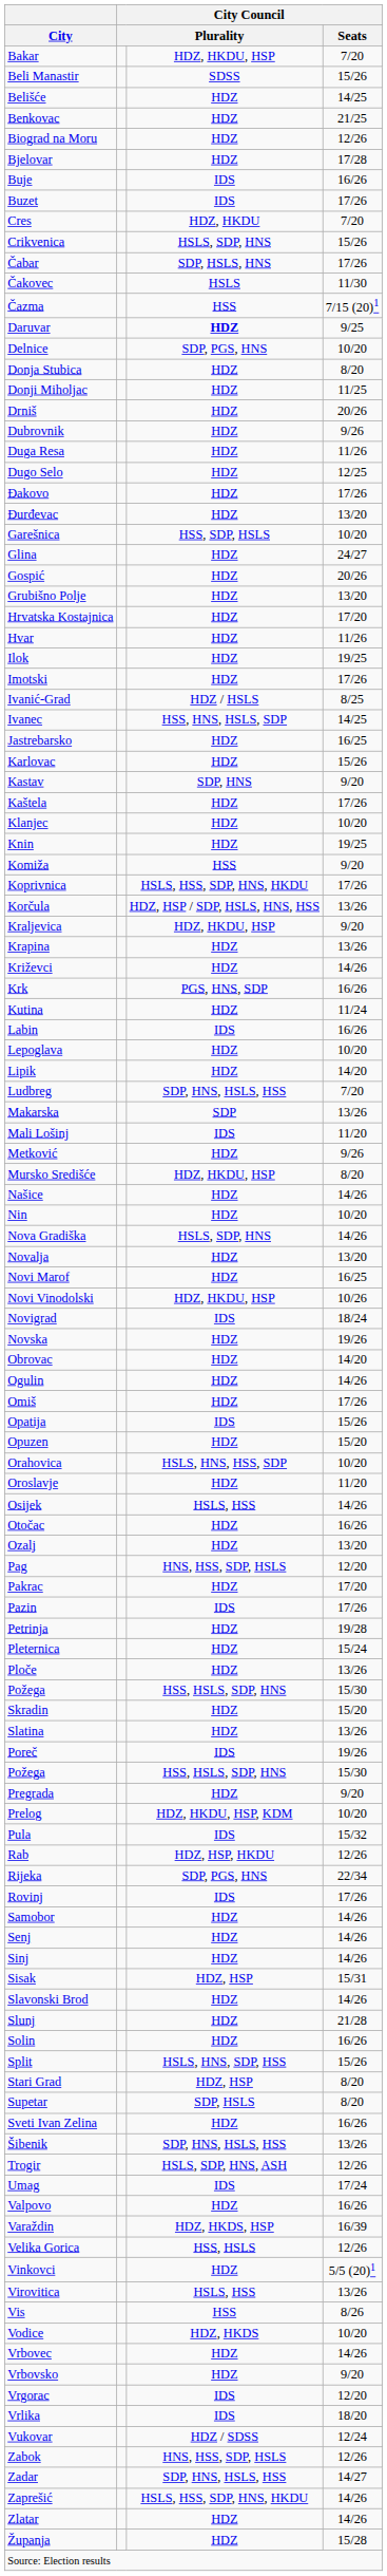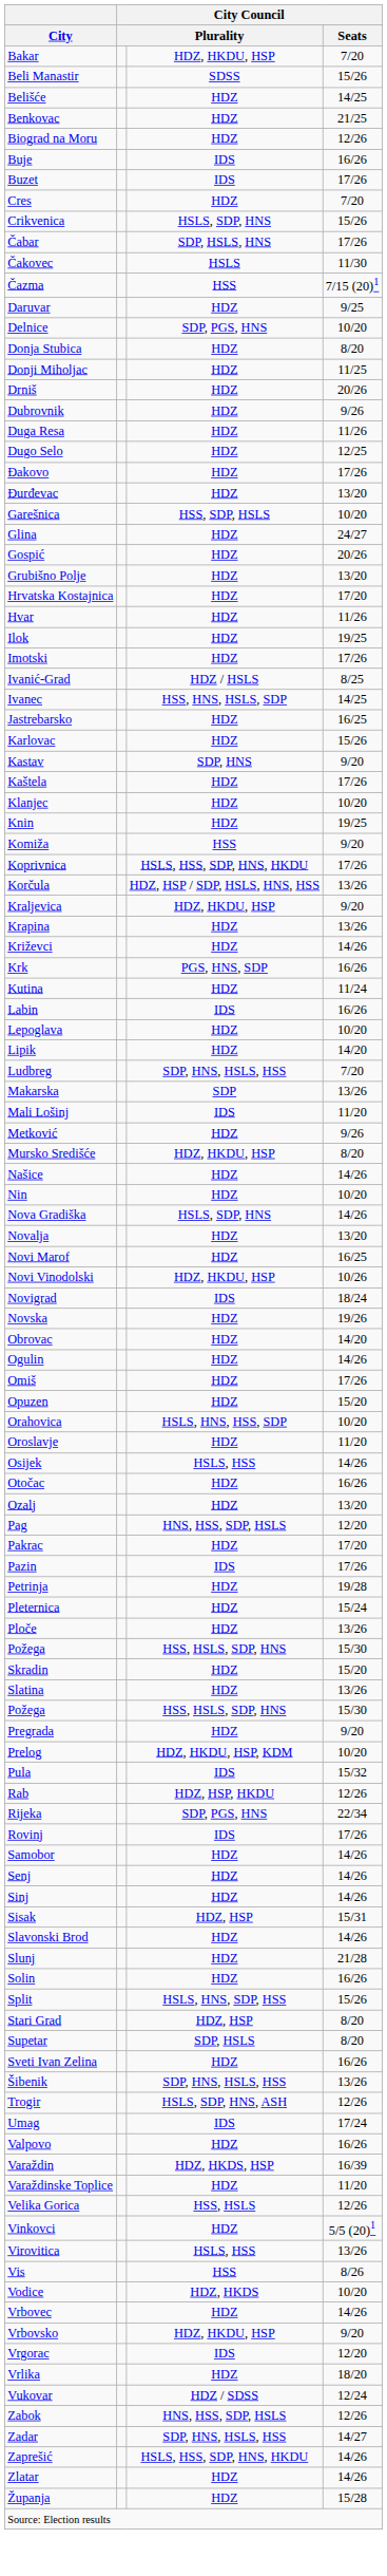 <table class="wikitable sortable">
 <tr>
 <th></th>
 <th class="unsortable" colspan=3>City Council</th>
 </tr>
 <tr>
 <th><a href='#'>City</a></th>
 <th colspan=2>Plurality</th>
 <th>Seats</th>
 </tr>
 <tr>
 <td><a href='#'>Bakar</a></td>
 <td width="5px" style="background-color:"></td>
 <td align="center"><a href='#'>HDZ</a>, <a href='#'>HKDU</a>, <a href='#'>HSP</a></td>
 <td align="center">7/20</td>
 </tr>
 <tr>
 <td><a href='#'>Beli Manastir</a></td>
 <td width="5px" style="background-color:"></td>
 <td align="center"><a href='#'>SDSS</a></td>
 <td align="center">15/26</td>
 </tr>
 <tr>
 <td><a href='#'>Belišće</a></td>
 <td width="5px" style="background-color:"></td>
 <td align="center"><a href='#'>HDZ</a></td>
 <td align="center">14/25</td>
 </tr>
 <tr>
 <td><a href='#'>Benkovac</a></td>
 <td width="5px" style="background-color:"></td>
 <td align="center"><a href='#'>HDZ</a></td>
 <td align="center">21/25</td>
 </tr>
 <tr>
 <td><a href='#'>Biograd na Moru</a></td>
 <td width="5px" style="background-color:"></td>
 <td align="center"><a href='#'>HDZ</a></td>
 <td align="center">12/26</td>
 </tr>
 <tr>
-<td><a href='#'>Bjelovar</a></td>
-<td width="5px" style="background-color:"></td>
-<td align="center"><a href='#'>HDZ</a></td>
-<td align="center">17/28</td>
-</tr>
-<tr>
 <td><a href='#'>Buje</a></td>
 <td width="5px" style="background-color:"></td>
 <td align="center"><a href='#'>IDS</a></td>
 <td align="center">16/26</td>
 </tr>
 <tr>
 <td><a href='#'>Buzet</a></td>
 <td width="5px" style="background-color:"></td>
 <td align="center"><a href='#'>IDS</a></td>
 <td align="center">17/26</td>
 </tr>
 <tr>
 <td><a href='#'>Cres</a></td>
 <td width="5px" style="background-color:"></td>
-<td align="center"><a href='#'>HDZ</a>, <a href='#'>HKDU</a></td>
+<td align="center"><a href='#'>HDZ</a></td>
 <td align="center">7/20</td>
 </tr>
 <tr>
 <td><a href='#'>Crikvenica</a></td>
 <td width="5px" style="background-color:"></td>
 <td align="center"><a href='#'>HSLS</a>, <a href='#'>SDP</a>, <a href='#'>HNS</a></td>
 <td align="center">15/26</td>
 </tr>
 <tr>
 <td><a href='#'>Čabar</a></td>
 <td width="5px" style="background-color:"></td>
 <td align="center"><a href='#'>SDP</a>, <a href='#'>HSLS</a>, <a href='#'>HNS</a></td>
 <td align="center">17/26</td>
 </tr>
 <tr>
 <td><a href='#'>Čakovec</a></td>
 <td width="5px" style="background-color:"></td>
 <td align="center"><a href='#'>HSLS</a></td>
 <td align="center">11/30</td>
 </tr>
 <tr>
 <td><a href='#'>Čazma</a></td>
 <td width="5px" style="background-color:"></td>
 <td align="center"><a href='#'>HSS</a></td>
 <td align="center">7/15 (20)<a href='#'><sup>1</sup></a></td>
 </tr>
 <tr>
 <td><a href='#'>Daruvar</a></td>
 <td width="5px" style="background-color:"></td>
-<td align="center"><strong><a href='#'>HDZ</a></strong></td>
+<td align="center"><a href='#'>HDZ</a></td>
 <td align="center">9/25</td>
 </tr>
 <tr>
 <td><a href='#'>Delnice</a></td>
 <td width="5px" style="background-color:"></td>
 <td align="center"><a href='#'>SDP</a>, <a href='#'>PGS</a>, <a href='#'>HNS</a></td>
 <td align="center">10/20</td>
 </tr>
 <tr>
 <td><a href='#'>Donja Stubica</a></td>
 <td width="5px" style="background-color:"></td>
 <td align="center"><a href='#'>HDZ</a></td>
 <td align="center">8/20</td>
 </tr>
 <tr>
 <td><a href='#'>Donji Miholjac</a></td>
 <td width="5px" style="background-color:"></td>
 <td align="center"><a href='#'>HDZ</a></td>
 <td align="center">11/25</td>
 </tr>
 <tr>
 <td><a href='#'>Drniš</a></td>
 <td width="5px" style="background-color:"></td>
 <td align="center"><a href='#'>HDZ</a></td>
 <td align="center">20/26</td>
 </tr>
 <tr>
 <td><a href='#'>Dubrovnik</a></td>
 <td width="5px" style="background-color:"></td>
 <td align="center"><a href='#'>HDZ</a></td>
 <td align="center">9/26</td>
 </tr>
 <tr>
 <td><a href='#'>Duga Resa</a></td>
 <td width="5px" style="background-color:"></td>
 <td align="center"><a href='#'>HDZ</a></td>
 <td align="center">11/26</td>
 </tr>
 <tr>
 <td><a href='#'>Dugo Selo</a></td>
 <td width="5px" style="background-color:"></td>
 <td align="center"><a href='#'>HDZ</a></td>
 <td align="center">12/25</td>
 </tr>
 <tr>
 <td><a href='#'>Đakovo</a></td>
 <td width="5px" style="background-color:"></td>
 <td align="center"><a href='#'>HDZ</a></td>
 <td align="center">17/26</td>
 </tr>
 <tr>
 <td><a href='#'>Đurđevac</a></td>
 <td width="5px" style="background-color:"></td>
 <td align="center"><a href='#'>HDZ</a></td>
 <td align="center">13/20</td>
 </tr>
 <tr>
 <td><a href='#'>Garešnica</a></td>
 <td width="5px" style="background-color:"></td>
 <td align="center"><a href='#'>HSS</a>, <a href='#'>SDP</a>, <a href='#'>HSLS</a></td>
 <td align="center">10/20</td>
 </tr>
 <tr>
 <td><a href='#'>Glina</a></td>
 <td width="5px" style="background-color:"></td>
 <td align="center"><a href='#'>HDZ</a></td>
 <td align="center">24/27</td>
 </tr>
 <tr>
 <td><a href='#'>Gospić</a></td>
 <td width="5px" style="background-color:"></td>
 <td align="center"><a href='#'>HDZ</a></td>
 <td align="center">20/26</td>
 </tr>
 <tr>
 <td><a href='#'>Grubišno Polje</a></td>
 <td width="5px" style="background-color:"></td>
 <td align="center"><a href='#'>HDZ</a></td>
 <td align="center">13/20</td>
 </tr>
 <tr>
 <td><a href='#'>Hrvatska Kostajnica</a></td>
 <td width="5px" style="background-color:"></td>
 <td align="center"><a href='#'>HDZ</a></td>
 <td align="center">17/20</td>
 </tr>
 <tr>
 <td><a href='#'>Hvar</a></td>
 <td width="5px" style="background-color:"></td>
 <td align="center"><a href='#'>HDZ</a></td>
 <td align="center">11/26</td>
 </tr>
 <tr>
 <td><a href='#'>Ilok</a></td>
 <td width="5px" style="background-color:"></td>
 <td align="center"><a href='#'>HDZ</a></td>
 <td align="center">19/25</td>
 </tr>
 <tr>
 <td><a href='#'>Imotski</a></td>
 <td width="5px" style="background-color:"></td>
 <td align="center"><a href='#'>HDZ</a></td>
 <td align="center">17/26</td>
 </tr>
 <tr>
 <td><a href='#'>Ivanić-Grad</a></td>
 <td width="5px" style="background-color:"></td>
 <td align="center"><a href='#'>HDZ</a> / <a href='#'>HSLS</a></td>
 <td align="center">8/25</td>
 </tr>
 <tr>
 <td><a href='#'>Ivanec</a></td>
 <td width="5px" style="background-color:"></td>
 <td align="center"><a href='#'>HSS</a>, <a href='#'>HNS</a>, <a href='#'>HSLS</a>, <a href='#'>SDP</a></td>
 <td align="center">14/25</td>
 </tr>
 <tr>
 <td><a href='#'>Jastrebarsko</a></td>
 <td width="5px" style="background-color:"></td>
 <td align="center"><a href='#'>HDZ</a></td>
 <td align="center">16/25</td>
 </tr>
 <tr>
 <td><a href='#'>Karlovac</a></td>
 <td width="5px" style="background-color:"></td>
 <td align="center"><a href='#'>HDZ</a></td>
 <td align="center">15/26</td>
 </tr>
 <tr>
 <td><a href='#'>Kastav</a></td>
 <td width="5px" style="background-color:"></td>
 <td align="center"><a href='#'>SDP</a>, <a href='#'>HNS</a></td>
 <td align="center">9/20</td>
 </tr>
 <tr>
 <td><a href='#'>Kaštela</a></td>
 <td width="5px" style="background-color:"></td>
 <td align="center"><a href='#'>HDZ</a></td>
 <td align="center">17/26</td>
 </tr>
 <tr>
 <td><a href='#'>Klanjec</a></td>
 <td width="5px" style="background-color:"></td>
 <td align="center"><a href='#'>HDZ</a></td>
 <td align="center">10/20</td>
 </tr>
 <tr>
 <td><a href='#'>Knin</a></td>
 <td width="5px" style="background-color:"></td>
 <td align="center"><a href='#'>HDZ</a></td>
 <td align="center">19/25</td>
 </tr>
 <tr>
 <td><a href='#'>Komiža</a></td>
 <td width="5px" style="background-color:"></td>
 <td align="center"><a href='#'>HSS</a></td>
 <td align="center">9/20</td>
 </tr>
 <tr>
 <td><a href='#'>Koprivnica</a></td>
 <td width="5px" style="background-color:"></td>
 <td align="center"><a href='#'>HSLS</a>, <a href='#'>HSS</a>, <a href='#'>SDP</a>, <a href='#'>HNS</a>, <a href='#'>HKDU</a></td>
 <td align="center">17/26</td>
 </tr>
 <tr>
 <td><a href='#'>Korčula</a></td>
 <td width="5px" style="background-color:"></td>
 <td align="center"><a href='#'>HDZ</a>, <a href='#'>HSP</a> / <a href='#'>SDP</a>, <a href='#'>HSLS</a>, <a href='#'>HNS</a>, <a href='#'>HSS</a></td>
 <td align="center">13/26</td>
 </tr>
 <tr>
 <td><a href='#'>Kraljevica</a></td>
 <td width="5px" style="background-color:"></td>
 <td align="center"><a href='#'>HDZ</a>, <a href='#'>HKDU</a>, <a href='#'>HSP</a></td>
 <td align="center">9/20</td>
 </tr>
 <tr>
 <td><a href='#'>Krapina</a></td>
 <td width="5px" style="background-color:"></td>
 <td align="center"><a href='#'>HDZ</a></td>
 <td align="center">13/26</td>
 </tr>
 <tr>
 <td><a href='#'>Križevci</a></td>
 <td width="5px" style="background-color:"></td>
 <td align="center"><a href='#'>HDZ</a></td>
 <td align="center">14/26</td>
 </tr>
 <tr>
 <td><a href='#'>Krk</a></td>
 <td width="5px" style="background-color:"></td>
 <td align="center"><a href='#'>PGS</a>, <a href='#'>HNS</a>, <a href='#'>SDP</a></td>
 <td align="center">16/26</td>
 </tr>
 <tr>
 <td><a href='#'>Kutina</a></td>
 <td width="5px" style="background-color:"></td>
 <td align="center"><a href='#'>HDZ</a></td>
 <td align="center">11/24</td>
 </tr>
 <tr>
 <td><a href='#'>Labin</a></td>
 <td width="5px" style="background-color:"></td>
 <td align="center"><a href='#'>IDS</a></td>
 <td align="center">16/26</td>
 </tr>
 <tr>
 <td><a href='#'>Lepoglava</a></td>
 <td width="5px" style="background-color:"></td>
 <td align="center"><a href='#'>HDZ</a></td>
 <td align="center">10/20</td>
 </tr>
 <tr>
 <td><a href='#'>Lipik</a></td>
 <td width="5px" style="background-color:"></td>
 <td align="center"><a href='#'>HDZ</a></td>
 <td align="center">14/20</td>
 </tr>
 <tr>
 <td><a href='#'>Ludbreg</a></td>
 <td width="5px" style="background-color:"></td>
 <td align="center"><a href='#'>SDP</a>, <a href='#'>HNS</a>, <a href='#'>HSLS</a>, <a href='#'>HSS</a></td>
 <td align="center">7/20</td>
 </tr>
 <tr>
 <td><a href='#'>Makarska</a></td>
 <td width="5px" style="background-color:"></td>
 <td align="center"><a href='#'>SDP</a></td>
 <td align="center">13/26</td>
 </tr>
 <tr>
 <td><a href='#'>Mali Lošinj</a></td>
 <td width="5px" style="background-color:"></td>
 <td align="center"><a href='#'>IDS</a></td>
 <td align="center">11/20</td>
 </tr>
 <tr>
 <td><a href='#'>Metković</a></td>
 <td width="5px" style="background-color:"></td>
 <td align="center"><a href='#'>HDZ</a></td>
 <td align="center">9/26</td>
 </tr>
 <tr>
 <td><a href='#'>Mursko Središće</a></td>
 <td width="5px" style="background-color:"></td>
 <td align="center"><a href='#'>HDZ</a>, <a href='#'>HKDU</a>, <a href='#'>HSP</a></td>
 <td align="center">8/20</td>
 </tr>
 <tr>
 <td><a href='#'>Našice</a></td>
 <td width="5px" style="background-color:"></td>
 <td align="center"><a href='#'>HDZ</a></td>
 <td align="center">14/26</td>
 </tr>
 <tr>
 <td><a href='#'>Nin</a></td>
 <td width="5px" style="background-color:"></td>
 <td align="center"><a href='#'>HDZ</a></td>
 <td align="center">10/20</td>
 </tr>
 <tr>
 <td><a href='#'>Nova Gradiška</a></td>
 <td width="5px" style="background-color:"></td>
 <td align="center"><a href='#'>HSLS</a>, <a href='#'>SDP</a>, <a href='#'>HNS</a></td>
 <td align="center">14/26</td>
 </tr>
 <tr>
 <td><a href='#'>Novalja</a></td>
 <td width="5px" style="background-color:"></td>
 <td align="center"><a href='#'>HDZ</a></td>
 <td align="center">13/20</td>
 </tr>
 <tr>
 <td><a href='#'>Novi Marof</a></td>
 <td width="5px" style="background-color:"></td>
 <td align="center"><a href='#'>HDZ</a></td>
 <td align="center">16/25</td>
 </tr>
 <tr>
 <td><a href='#'>Novi Vinodolski</a></td>
 <td width="5px" style="background-color:"></td>
 <td align="center"><a href='#'>HDZ</a>, <a href='#'>HKDU</a>, <a href='#'>HSP</a></td>
 <td align="center">10/26</td>
 </tr>
 <tr>
 <td><a href='#'>Novigrad</a></td>
 <td width="5px" style="background-color:"></td>
 <td align="center"><a href='#'>IDS</a></td>
 <td align="center">18/24</td>
 </tr>
 <tr>
 <td><a href='#'>Novska</a></td>
 <td width="5px" style="background-color:"></td>
 <td align="center"><a href='#'>HDZ</a></td>
 <td align="center">19/26</td>
 </tr>
 <tr>
 <td><a href='#'>Obrovac</a></td>
 <td width="5px" style="background-color:"></td>
 <td align="center"><a href='#'>HDZ</a></td>
 <td align="center">14/20</td>
 </tr>
 <tr>
 <td><a href='#'>Ogulin</a></td>
 <td width="5px" style="background-color:"></td>
 <td align="center"><a href='#'>HDZ</a></td>
 <td align="center">14/26</td>
 </tr>
 <tr>
 <td><a href='#'>Omiš</a></td>
 <td width="5px" style="background-color:"></td>
 <td align="center"><a href='#'>HDZ</a></td>
 <td align="center">17/26</td>
 </tr>
 <tr>
-<td><a href='#'>Opatija</a></td>
-<td width="5px" style="background-color:"></td>
-<td align="center"><a href='#'>IDS</a></td>
-<td align="center">15/26</td>
-</tr>
-<tr>
 <td><a href='#'>Opuzen</a></td>
 <td width="5px" style="background-color:"></td>
 <td align="center"><a href='#'>HDZ</a></td>
 <td align="center">15/20</td>
 </tr>
 <tr>
 <td><a href='#'>Orahovica</a></td>
 <td width="5px" style="background-color:"></td>
 <td align="center"><a href='#'>HSLS</a>, <a href='#'>HNS</a>, <a href='#'>HSS</a>, <a href='#'>SDP</a></td>
 <td align="center">10/20</td>
 </tr>
 <tr>
 <td><a href='#'>Oroslavje</a></td>
 <td width="5px" style="background-color:"></td>
 <td align="center"><a href='#'>HDZ</a></td>
 <td align="center">11/20</td>
 </tr>
 <tr>
 <td><a href='#'>Osijek</a></td>
 <td width="5px" style="background-color:"></td>
 <td align="center"><a href='#'>HSLS</a>, <a href='#'>HSS</a></td>
 <td align="center">14/26</td>
 </tr>
 <tr>
 <td><a href='#'>Otočac</a></td>
 <td width="5px" style="background-color:"></td>
 <td align="center"><a href='#'>HDZ</a></td>
 <td align="center">16/26</td>
 </tr>
 <tr>
 <td><a href='#'>Ozalj</a></td>
 <td width="5px" style="background-color:"></td>
 <td align="center"><a href='#'>HDZ</a></td>
 <td align="center">13/20</td>
 </tr>
 <tr>
 <td><a href='#'>Pag</a></td>
 <td width="5px" style="background-color:"></td>
 <td align="center"><a href='#'>HNS</a>, <a href='#'>HSS</a>, <a href='#'>SDP</a>, <a href='#'>HSLS</a></td>
 <td align="center">12/20</td>
 </tr>
 <tr>
 <td><a href='#'>Pakrac</a></td>
 <td width="5px" style="background-color:"></td>
 <td align="center"><a href='#'>HDZ</a></td>
 <td align="center">17/20</td>
 </tr>
 <tr>
 <td><a href='#'>Pazin</a></td>
 <td width="5px" style="background-color:"></td>
 <td align="center"><a href='#'>IDS</a></td>
 <td align="center">17/26</td>
 </tr>
 <tr>
 <td><a href='#'>Petrinja</a></td>
 <td width="5px" style="background-color:"></td>
 <td align="center"><a href='#'>HDZ</a></td>
 <td align="center">19/28</td>
 </tr>
 <tr>
 <td><a href='#'>Pleternica</a></td>
 <td width="5px" style="background-color:"></td>
 <td align="center"><a href='#'>HDZ</a></td>
 <td align="center">15/24</td>
 </tr>
 <tr>
 <td><a href='#'>Ploče</a></td>
 <td width="5px" style="background-color:"></td>
 <td align="center"><a href='#'>HDZ</a></td>
 <td align="center">13/26</td>
 </tr>
 <tr>
 <td><a href='#'>Požega</a></td>
 <td width="5px" style="background-color:"></td>
 <td align="center"><a href='#'>HSS</a>, <a href='#'>HSLS</a>, <a href='#'>SDP</a>, <a href='#'>HNS</a></td>
 <td align="center">15/30</td>
 </tr>
 <tr>
 <td><a href='#'>Skradin</a></td>
 <td width="5px" style="background-color:"></td>
 <td align="center"><a href='#'>HDZ</a></td>
 <td align="center">15/20</td>
 </tr>
 <tr>
 <td><a href='#'>Slatina</a></td>
 <td width="5px" style="background-color:"></td>
 <td align="center"><a href='#'>HDZ</a></td>
 <td align="center">13/26</td>
-</tr>
-<tr>
-<td><a href='#'>Poreč</a></td>
-<td width="5px" style="background-color:"></td>
-<td align="center"><a href='#'>IDS</a></td>
-<td align="center">19/26</td>
 </tr>
 <tr>
 <td><a href='#'>Požega</a></td>
 <td width="5px" style="background-color:"></td>
 <td align="center"><a href='#'>HSS</a>, <a href='#'>HSLS</a>, <a href='#'>SDP</a>, <a href='#'>HNS</a></td>
 <td align="center">15/30</td>
 </tr>
 <tr>
 <td><a href='#'>Pregrada</a></td>
 <td width="5px" style="background-color:"></td>
 <td align="center"><a href='#'>HDZ</a></td>
 <td align="center">9/20</td>
 </tr>
 <tr>
 <td><a href='#'>Prelog</a></td>
 <td width="5px" style="background-color:"></td>
 <td align="center"><a href='#'>HDZ</a>, <a href='#'>HKDU</a>, <a href='#'>HSP</a>, <a href='#'>KDM</a></td>
 <td align="center">10/20</td>
 </tr>
 <tr>
 <td><a href='#'>Pula</a></td>
 <td width="5px" style="background-color:"></td>
 <td align="center"><a href='#'>IDS</a></td>
 <td align="center">15/32</td>
 </tr>
 <tr>
 <td><a href='#'>Rab</a></td>
 <td width="5px" style="background-color:"></td>
 <td align="center"><a href='#'>HDZ</a>, <a href='#'>HSP</a>, <a href='#'>HKDU</a></td>
 <td align="center">12/26</td>
 </tr>
 <tr>
 <td><a href='#'>Rijeka</a></td>
 <td width="5px" style="background-color:"></td>
 <td align="center"><a href='#'>SDP</a>, <a href='#'>PGS</a>, <a href='#'>HNS</a></td>
 <td align="center">22/34</td>
 </tr>
 <tr>
 <td><a href='#'>Rovinj</a></td>
 <td width="5px" style="background-color:"></td>
 <td align="center"><a href='#'>IDS</a></td>
 <td align="center">17/26</td>
 </tr>
 <tr>
 <td><a href='#'>Samobor</a></td>
 <td width="5px" style="background-color:"></td>
 <td align="center"><a href='#'>HDZ</a></td>
 <td align="center">14/26</td>
 </tr>
 <tr>
 <td><a href='#'>Senj</a></td>
 <td width="5px" style="background-color:"></td>
 <td align="center"><a href='#'>HDZ</a></td>
 <td align="center">14/26</td>
 </tr>
 <tr>
 <td><a href='#'>Sinj</a></td>
 <td width="5px" style="background-color:"></td>
 <td align="center"><a href='#'>HDZ</a></td>
 <td align="center">14/26</td>
 </tr>
 <tr>
 <td><a href='#'>Sisak</a></td>
 <td width="5px" style="background-color:"></td>
 <td align="center"><a href='#'>HDZ</a>, <a href='#'>HSP</a></td>
 <td align="center">15/31</td>
 </tr>
 <tr>
 <td><a href='#'>Slavonski Brod</a></td>
 <td width="5px" style="background-color:"></td>
 <td align="center"><a href='#'>HDZ</a></td>
 <td align="center">14/26</td>
 </tr>
 <tr>
 <td><a href='#'>Slunj</a></td>
 <td width="5px" style="background-color:"></td>
 <td align="center"><a href='#'>HDZ</a></td>
 <td align="center">21/28</td>
 </tr>
 <tr>
 <td><a href='#'>Solin</a></td>
 <td width="5px" style="background-color:"></td>
 <td align="center"><a href='#'>HDZ</a></td>
 <td align="center">16/26</td>
 </tr>
 <tr>
 <td><a href='#'>Split</a></td>
 <td width="5px" style="background-color:"></td>
 <td align="center"><a href='#'>HSLS</a>, <a href='#'>HNS</a>, <a href='#'>SDP</a>, <a href='#'>HSS</a></td>
 <td align="center">15/26</td>
 </tr>
 <tr>
 <td><a href='#'>Stari Grad</a></td>
 <td width="5px" style="background-color:"></td>
 <td align="center"><a href='#'>HDZ</a>, <a href='#'>HSP</a></td>
 <td align="center">8/20</td>
 </tr>
 <tr>
 <td><a href='#'>Supetar</a></td>
 <td width="5px" style="background-color:"></td>
 <td align="center"><a href='#'>SDP</a>, <a href='#'>HSLS</a></td>
 <td align="center">8/20</td>
 </tr>
 <tr>
 <td><a href='#'>Sveti Ivan Zelina</a></td>
 <td width="5px" style="background-color:"></td>
 <td align="center"><a href='#'>HDZ</a></td>
 <td align="center">16/26</td>
 </tr>
 <tr>
 <td><a href='#'>Šibenik</a></td>
 <td width="5px" style="background-color:"></td>
 <td align="center"><a href='#'>SDP</a>, <a href='#'>HNS</a>, <a href='#'>HSLS</a>, <a href='#'>HSS</a></td>
 <td align="center">13/26</td>
 </tr>
 <tr>
 <td><a href='#'>Trogir</a></td>
 <td width="5px" style="background-color:"></td>
 <td align="center"><a href='#'>HSLS</a>, <a href='#'>SDP</a>, <a href='#'>HNS</a>, <a href='#'>ASH</a></td>
 <td align="center">12/26</td>
 </tr>
 <tr>
 <td><a href='#'>Umag</a></td>
 <td width="5px" style="background-color:"></td>
 <td align="center"><a href='#'>IDS</a></td>
 <td align="center">17/24</td>
 </tr>
 <tr>
 <td><a href='#'>Valpovo</a></td>
 <td width="5px" style="background-color:"></td>
 <td align="center"><a href='#'>HDZ</a></td>
 <td align="center">16/26</td>
 </tr>
 <tr>
 <td><a href='#'>Varaždin</a></td>
 <td width="5px" style="background-color:"></td>
 <td align="center"><a href='#'>HDZ</a>, <a href='#'>HKDS</a>, <a href='#'>HSP</a></td>
 <td align="center">16/39</td>
 </tr>
 <tr>
+<td><a href='#'>Varaždinske Toplice</a></td>
+<td width="5px" style="background-color:"></td>
+<td align="center"><a href='#'>HDZ</a></td>
+<td align="center">11/20</td>
+</tr>
+<tr>
 <td><a href='#'>Velika Gorica</a></td>
 <td width="5px" style="background-color:"></td>
 <td align="center"><a href='#'>HSS</a>, <a href='#'>HSLS</a></td>
 <td align="center">12/26</td>
 </tr>
 <tr>
 <td><a href='#'>Vinkovci</a></td>
 <td width="5px" style="background-color:"></td>
 <td align="center"><a href='#'>HDZ</a></td>
 <td align="center">5/5 (20)<a href='#'><sup>1</sup></a></td>
 </tr>
 <tr>
 <td><a href='#'>Virovitica</a></td>
 <td width="5px" style="background-color:"></td>
 <td align="center"><a href='#'>HSLS</a>, <a href='#'>HSS</a></td>
 <td align="center">13/26</td>
 </tr>
 <tr>
 <td><a href='#'>Vis</a></td>
 <td width="5px" style="background-color:"></td>
 <td align="center"><a href='#'>HSS</a></td>
 <td align="center">8/26</td>
 </tr>
 <tr>
 <td><a href='#'>Vodice</a></td>
 <td width="5px" style="background-color:"></td>
 <td align="center"><a href='#'>HDZ</a>, <a href='#'>HKDS</a></td>
 <td align="center">10/20</td>
 </tr>
 <tr>
 <td><a href='#'>Vrbovec</a></td>
 <td width="5px" style="background-color:"></td>
 <td align="center"><a href='#'>HDZ</a></td>
 <td align="center">14/26</td>
 </tr>
 <tr>
 <td><a href='#'>Vrbovsko</a></td>
 <td width="5px" style="background-color:"></td>
-<td align="center"><a href='#'>HDZ</a></td>
+<td align="center"><a href='#'>HDZ</a>, <a href='#'>HKDU</a>, <a href='#'>HSP</a></td>
 <td align="center">9/20</td>
 </tr>
 <tr>
 <td><a href='#'>Vrgorac</a></td>
 <td width="5px" style="background-color:"></td>
 <td align="center"><a href='#'>IDS</a></td>
 <td align="center">12/20</td>
 </tr>
 <tr>
 <td><a href='#'>Vrlika</a></td>
 <td width="5px" style="background-color:"></td>
-<td align="center"><a href='#'>IDS</a></td>
+<td align="center"><a href='#'>HDZ</a></td>
 <td align="center">18/20</td>
 </tr>
 <tr>
 <td><a href='#'>Vukovar</a></td>
 <td width="5px" style="background-color:"></td>
 <td align="center"><a href='#'>HDZ</a> / <a href='#'>SDSS</a></td>
 <td align="center">12/24</td>
 </tr>
 <tr>
 <td><a href='#'>Zabok</a></td>
 <td width="5px" style="background-color:"></td>
 <td align="center"><a href='#'>HNS</a>, <a href='#'>HSS</a>, <a href='#'>SDP</a>, <a href='#'>HSLS</a></td>
 <td align="center">12/26</td>
 </tr>
 <tr>
 <td><a href='#'>Zadar</a></td>
 <td width="5px" style="background-color:"></td>
 <td align="center"><a href='#'>SDP</a>, <a href='#'>HNS</a>, <a href='#'>HSLS</a>, <a href='#'>HSS</a></td>
 <td align="center">14/27</td>
 </tr>
 <tr>
 <td><a href='#'>Zaprešić</a></td>
 <td width="5px" style="background-color:"></td>
 <td align="center"><a href='#'>HSLS</a>, <a href='#'>HSS</a>, <a href='#'>SDP</a>, <a href='#'>HNS</a>, <a href='#'>HKDU</a></td>
 <td align="center">14/26</td>
 </tr>
 <tr>
 <td><a href='#'>Zlatar</a></td>
 <td width="5px" style="background-color:"></td>
 <td align="center"><a href='#'>HDZ</a></td>
 <td align="center">14/26</td>
 </tr>
 <tr>
 <td><a href='#'>Županja</a></td>
 <td width="5px" style="background-color:"></td>
 <td align="center"><a href='#'>HDZ</a></td>
 <td align="center">15/28</td>
 </tr>
 <tr>
 <td colspan="4"><small>Source: Election results</small></td>
 </tr>
 </table>
